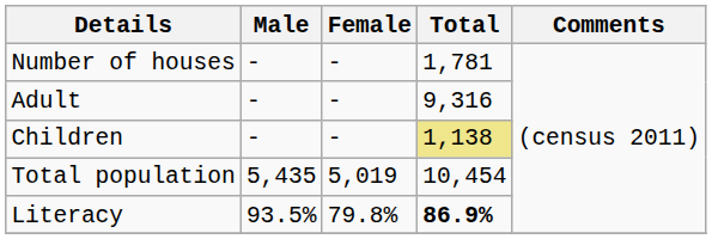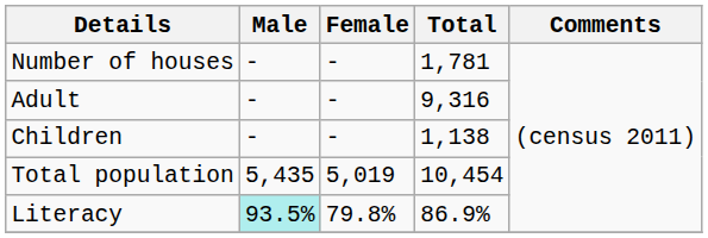 <table class="wikitable  sortable">
 <tr>
 <th>Details</th>
 <th>Male</th>
 <th>Female</th>
 <th>Total</th>
 <th>Comments</th>
 </tr>
 <tr>
 <td>Number of  houses</td>
 <td>-</td>
 <td>-</td>
 <td>1,781</td>
 <td rowspan="5">(census  2011)</td>
 </tr>
 <tr>
 <td>Adult</td>
 <td>-</td>
 <td>-</td>
 <td>9,316</td>
 </tr>
 <tr>
 <td>Children</td>
 <td>-</td>
 <td>-</td>
-<td style="background: khaki;">1,138</td>
+<td>1,138</td>
 </tr>
 <tr>
 <td>Total population</td>
 <td>5,435</td>
 <td>5,019</td>
 <td>10,454</td>
 </tr>
 <tr>
 <td>Literacy</td>
-<td>93.5%</td>
+<td style="background: paleturquoise;">93.5%</td>
 <td>79.8%</td>
-<td><strong>86.9%</strong></td>
+<td>86.9%</td>
 </tr>
 <tr>
 </tr>
 </table>
